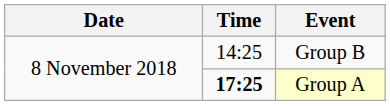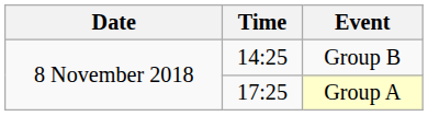 <table class = "wikitable" style="text-align:center;">
 <tr>
 <th width=150>Date</th>
 <th width=50>Time</th>
 <th width=80>Event</th>
 </tr>
 <tr>
 <td rowspan=2>8 November 2018</td>
 <td>14:25</td>
 <td>Group B</td>
 </tr>
 <tr>
-<td><strong>17:25</strong></td>
+<td>17:25</td>
 <td bgcolor=ffffcc>Group A</td>
 </tr>
 </table>
